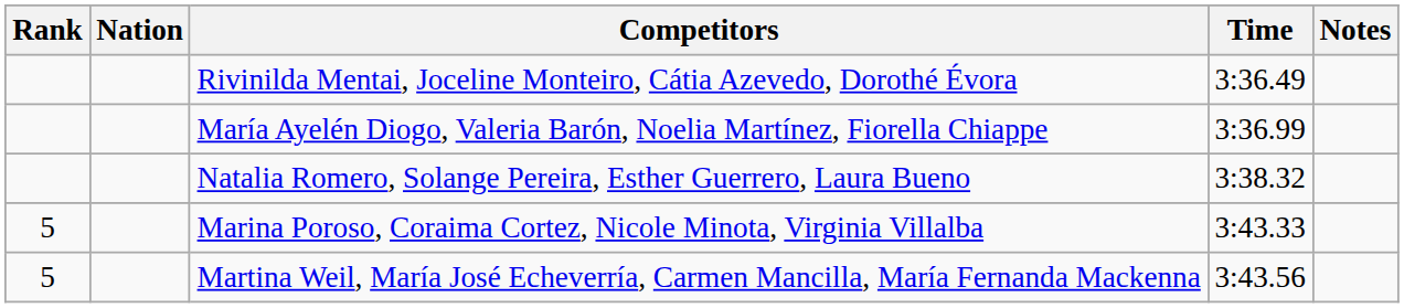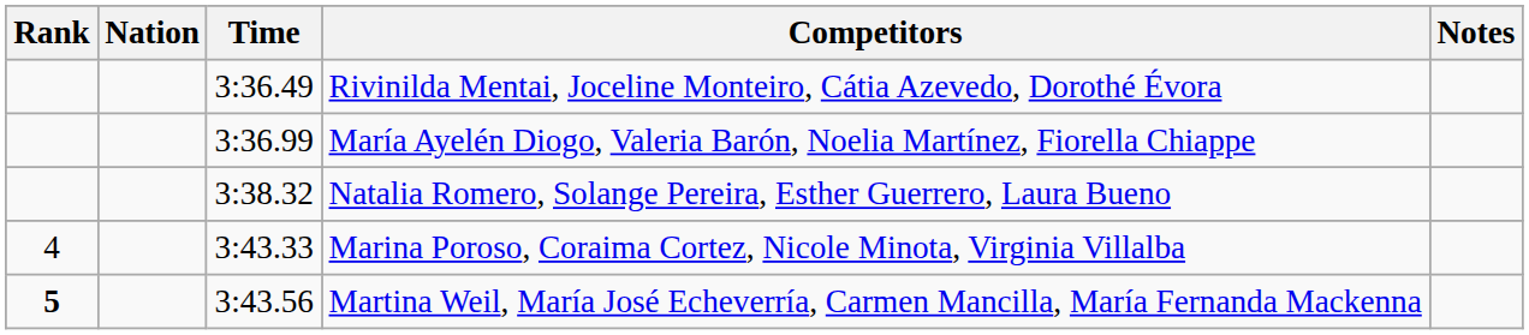 <table class="wikitable sortable" style="text-align:center; font-size:95%">
 <tr>
 <th>Rank</th>
 <th>Nation</th>
+<th>Time</th>
 <th>Competitors</th>
-<th>Time</th>
 <th>Notes</th>
 </tr>
 <tr>
 <td></td>
 <td align=left></td>
+<td>3:36.49</td>
 <td align=left><a href='#'>Rivinilda Mentai</a>, <a href='#'>Joceline Monteiro</a>, <a href='#'>Cátia Azevedo</a>, <a href='#'>Dorothé Évora</a></td>
-<td>3:36.49</td>
 <td></td>
 </tr>
 <tr>
 <td></td>
 <td align=left></td>
+<td>3:36.99</td>
 <td align=left><a href='#'>María Ayelén Diogo</a>, <a href='#'>Valeria Barón</a>, <a href='#'>Noelia Martínez</a>, <a href='#'>Fiorella Chiappe</a></td>
-<td>3:36.99</td>
 <td></td>
 </tr>
 <tr>
 <td></td>
 <td align=left></td>
+<td>3:38.32</td>
 <td align=left><a href='#'>Natalia Romero</a>, <a href='#'>Solange Pereira</a>, <a href='#'>Esther Guerrero</a>, <a href='#'>Laura Bueno</a></td>
-<td>3:38.32</td>
 <td></td>
 </tr>
 <tr>
-<td>5</td>
+<td>4</td>
 <td align=left></td>
+<td>3:43.33</td>
 <td align=left><a href='#'>Marina Poroso</a>, <a href='#'>Coraima Cortez</a>, <a href='#'>Nicole Minota</a>, <a href='#'>Virginia Villalba</a></td>
-<td>3:43.33</td>
 <td></td>
 </tr>
 <tr>
-<td>5</td>
+<td><strong>5</strong></td>
 <td align=left></td>
+<td>3:43.56</td>
 <td align=left><a href='#'>Martina Weil</a>, <a href='#'>María José Echeverría</a>, <a href='#'>Carmen Mancilla</a>, <a href='#'>María Fernanda Mackenna</a></td>
-<td>3:43.56</td>
 <td></td>
 </tr>
 </table>
